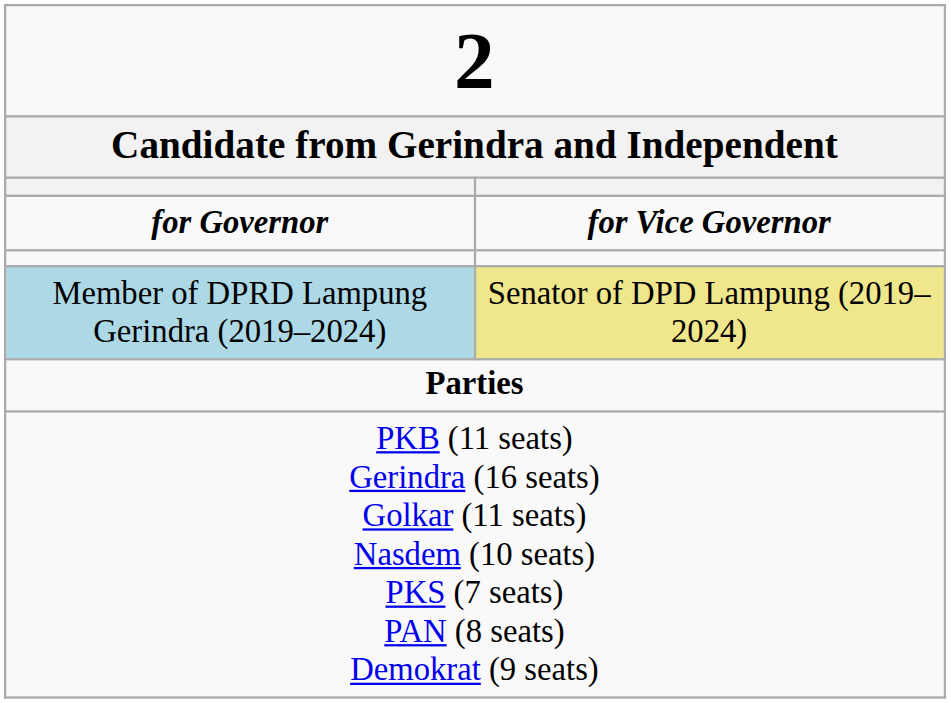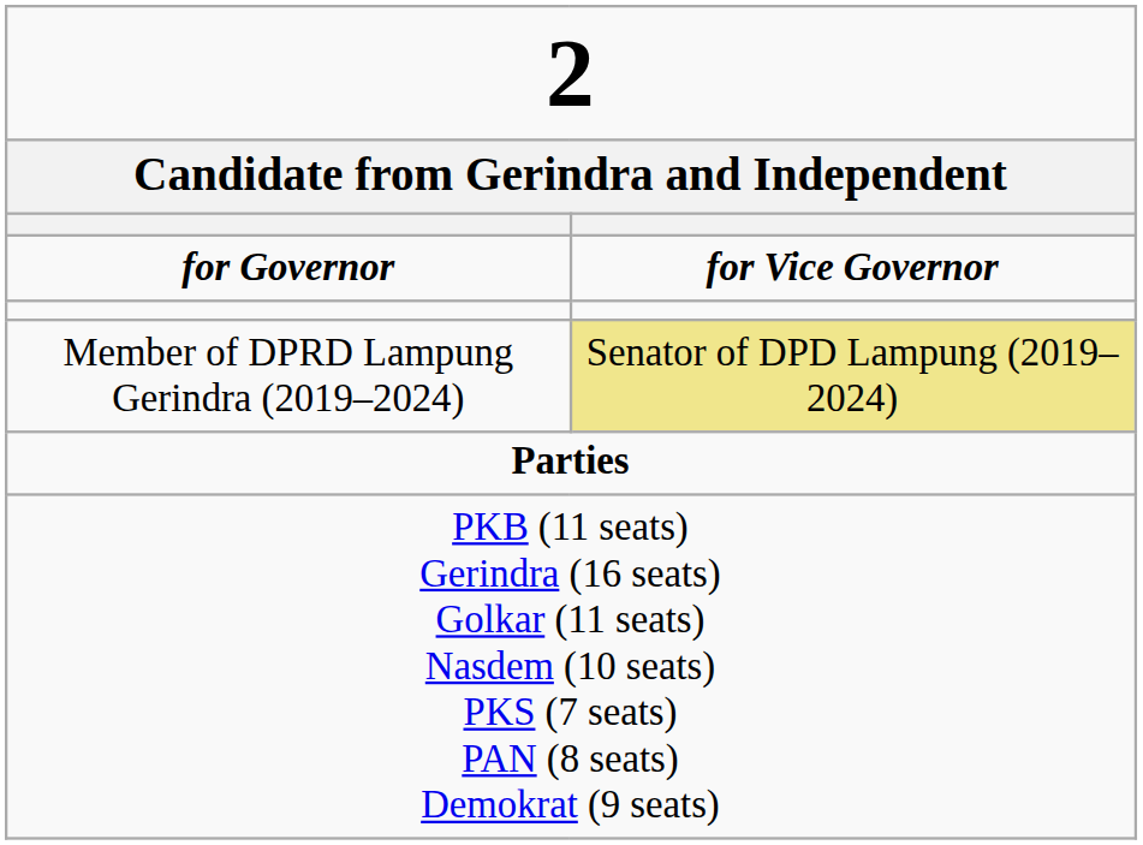 <table class="wikitable" style="font-size:90%; text-align:center;">
 <tr>
 <td colspan=2><big><big><big><big><big><strong>2</strong></big></big></big></big></big></td>
 </tr>
 <tr>
 <th colspan=2><strong><big>Candidate from Gerindra and Independent</big></strong></th>
 </tr>
 <tr>
 <th style="width:3em; font-size:135%; background:#"><a href='#'></a></th>
 <th style="width:3em; font-size:135%; background:#"></th>
 </tr>
 <tr style="color:#000; font-size:100%; background:#">
 <td style="width:3em; width:200px;"><strong><em>for Governor</em></strong></td>
 <td style="width:3em; width:200px;"><strong><em>for Vice Governor</em></strong></td>
 </tr>
 <tr>
 <td></td>
 <td></td>
 </tr>
 <tr>
-<td style="background: lightblue;">Member of DPRD Lampung Gerindra (2019–2024)</td>
+<td>Member of DPRD Lampung Gerindra (2019–2024)</td>
 <td style="background: khaki;">Senator of DPD Lampung (2019–2024)</td>
 </tr>
 <tr>
 <td colspan=2 style="background:#"><strong>Parties</strong></td>
 </tr>
 <tr>
 <td colspan=2> <a href='#'>PKB</a> (11 seats)<br><a href='#'>Gerindra</a> (16 seats)<br><a href='#'>Golkar</a> (11 seats)<br><a href='#'>Nasdem</a> (10 seats)<br><a href='#'>PKS</a> (7 seats)<br><a href='#'>PAN</a> (8 seats)<br><a href='#'>Demokrat</a> (9 seats)</td>
 </tr>
 </table>
